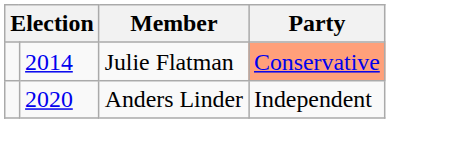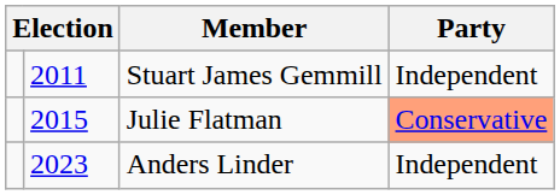 <table class="wikitable">
 <tr>
 <th colspan="2">Election</th>
 <th>Member</th>
 <th>Party</th>
 </tr>
 <tr>
 <td style="background-color: "></td>
-<td><a href='#'>2014</a></td>
+<td><a href='#'>2011</a></td>
+<td>Stuart James Gemmill</td>
+<td>Independent</td>
+</tr>
+<tr>
+<td style="background-color: "></td>
+<td><a href='#'>2015</a></td>
 <td>Julie Flatman</td>
 <td style="background: lightsalmon;"><a href='#'>Conservative</a></td>
 </tr>
 <tr>
 <td></td>
-<td><a href='#'>2020</a></td>
+<td><a href='#'>2023</a></td>
 <td>Anders Linder</td>
 <td>Independent</td>
 </tr>
 </table>
